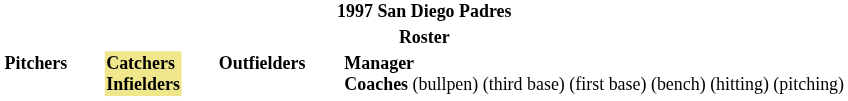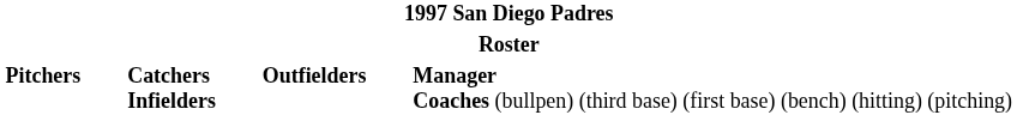 <table class="toccolours" style="font-size: 95%;">
 <tr>
 <th colspan="10" style="text-align:center; ">1997 San Diego Padres</th>
 </tr>
 <tr>
 <td colspan="10" style="text-align:center; "><strong>Roster</strong></td>
 </tr>
 <tr>
 <td valign="top"><strong>Pitchers</strong><br>                    </td>
 <td width="25px"></td>
-<td valign="top" style="background: khaki;"><strong>Catchers</strong><br>    <strong>Infielders</strong>           </td>
+<td valign="top"><strong>Catchers</strong><br>    <strong>Infielders</strong>           </td>
 <td width="25px"></td>
 <td valign="top"><strong>Outfielders</strong><br>        </td>
 <td width="25px"></td>
 <td valign="top"><strong>Manager</strong><br> <strong>Coaches</strong>  (bullpen)  (third base)  (first base)  (bench)  (hitting)  (pitching)</td>
 </tr>
 </table>
